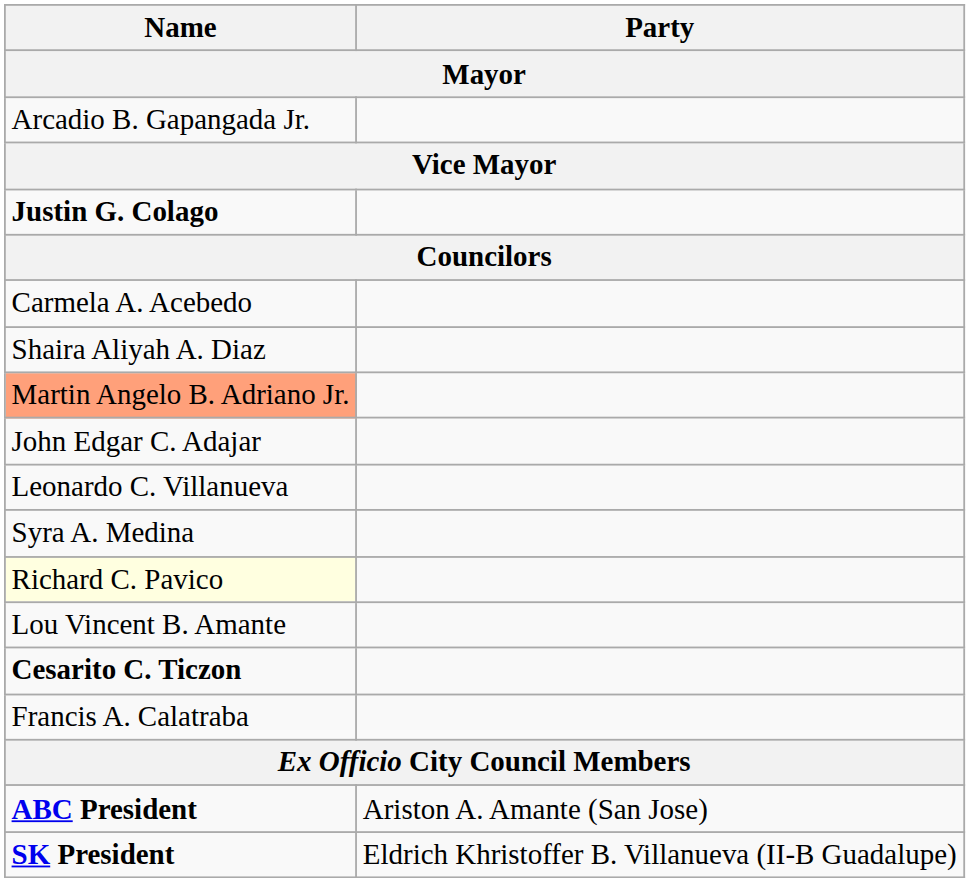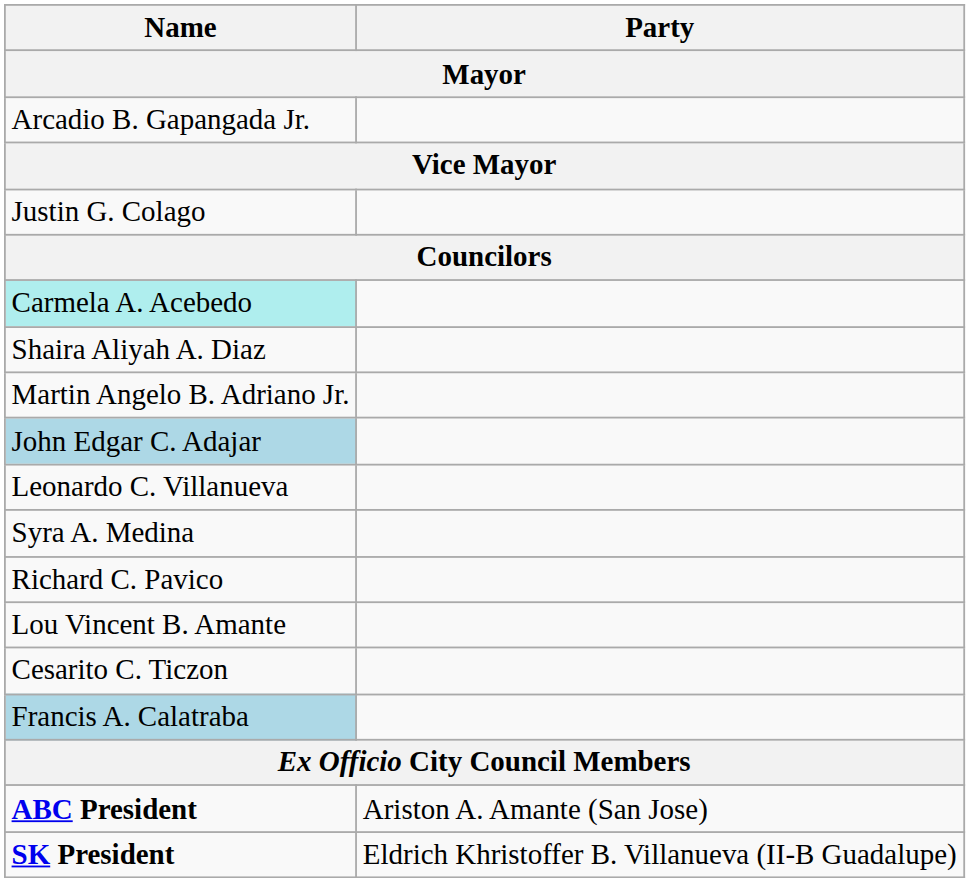 <table class=wikitable>
 <tr>
 <th>Name</th>
 <th colspan=2>Party</th>
 </tr>
 <tr>
 <th colspan=3>Mayor</th>
 </tr>
 <tr>
 <td>Arcadio B. Gapangada Jr.</td>
 <td></td>
 </tr>
 <tr>
 <th colspan=3>Vice Mayor</th>
 </tr>
 <tr>
-<td><strong>Justin G. Colago</strong></td>
+<td>Justin G. Colago</td>
 <td></td>
 </tr>
 <tr>
 <th colspan=3>Councilors</th>
 </tr>
 <tr>
-<td>Carmela A. Acebedo</td>
+<td style="background: paleturquoise;">Carmela A. Acebedo</td>
 <td></td>
 </tr>
 <tr>
 <td>Shaira Aliyah A. Diaz</td>
 <td></td>
 </tr>
 <tr>
-<td style="background: lightsalmon;">Martin Angelo B. Adriano Jr.</td>
+<td>Martin Angelo B. Adriano Jr.</td>
 <td></td>
 </tr>
 <tr>
-<td>John Edgar C. Adajar</td>
+<td style="background: lightblue;">John Edgar C. Adajar</td>
 <td></td>
 </tr>
 <tr>
 <td>Leonardo C. Villanueva</td>
 <td></td>
 </tr>
 <tr>
 <td>Syra A. Medina</td>
 <td></td>
 </tr>
 <tr>
-<td style="background: lightyellow;">Richard C. Pavico</td>
+<td>Richard C. Pavico</td>
 <td></td>
 </tr>
 <tr>
 <td>Lou Vincent B. Amante</td>
 <td></td>
 </tr>
 <tr>
-<td><strong>Cesarito C. Ticzon</strong></td>
+<td>Cesarito C. Ticzon</td>
 <td></td>
 </tr>
 <tr>
-<td>Francis A. Calatraba</td>
+<td style="background: lightblue;">Francis A. Calatraba</td>
 <td></td>
 </tr>
 <tr>
 <th colspan=4><em>Ex Officio</em> City Council Members</th>
 </tr>
 <tr>
 <td><strong><a href='#'>ABC</a> President</strong></td>
 <td colspan=3>Ariston A. Amante (San Jose)<br></td>
 </tr>
 <tr>
 <td><strong><a href='#'>SK</a> President</strong></td>
 <td colspan=3>Eldrich Khristoffer B. Villanueva (II-B Guadalupe)<br></td>
 </tr>
 </table>
